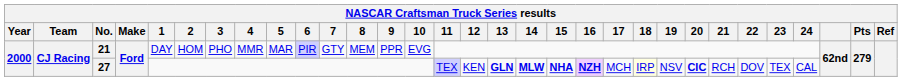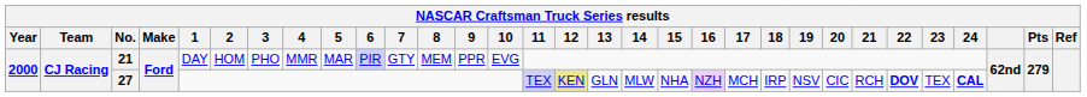 <table class="wikitable" style="text-align:center; font-size:75%">
 <tr>
 <th colspan=31><a href='#'>NASCAR Craftsman Truck Series</a> results</th>
 </tr>
 <tr>
 <th>Year</th>
 <th>Team</th>
 <th>No.</th>
 <th>Make</th>
 <th>1</th>
 <th>2</th>
 <th>3</th>
 <th>4</th>
 <th>5</th>
 <th>6</th>
 <th>7</th>
 <th>8</th>
 <th>9</th>
 <th>10</th>
 <th>11</th>
 <th>12</th>
 <th>13</th>
 <th>14</th>
 <th>15</th>
 <th>16</th>
 <th>17</th>
 <th>18</th>
 <th>19</th>
 <th>20</th>
 <th>21</th>
 <th>22</th>
 <th>23</th>
 <th>24</th>
 <th></th>
 <th>Pts</th>
 <th>Ref</th>
 </tr>
 <tr>
 <th rowspan=2><a href='#'>2000</a></th>
 <th rowspan=2><a href='#'>CJ Racing</a></th>
 <th>21</th>
 <th rowspan=2><a href='#'>Ford</a></th>
 <td><a href='#'>DAY</a></td>
 <td><a href='#'>HOM</a></td>
 <td><a href='#'>PHO</a></td>
 <td><a href='#'>MMR</a></td>
 <td><a href='#'>MAR</a></td>
 <td style="background:#CFCFFF;"><a href='#'>PIR</a><br></td>
 <td><a href='#'>GTY</a></td>
 <td><a href='#'>MEM</a></td>
 <td><a href='#'>PPR</a></td>
 <td><a href='#'>EVG</a></td>
 <td colspan=14></td>
 <th rowspan=2>62nd</th>
 <th rowspan=2>279</th>
 <th rowspan=2></th>
 </tr>
 <tr>
 <th>27</th>
 <td colspan=10></td>
 <td style="background:#CFCFFF;"><a href='#'>TEX</a><br></td>
-<td><a href='#'>KEN</a></td>
-<td><strong><a href='#'>GLN</a></strong></td>
-<td><strong><a href='#'>MLW</a></strong></td>
-<td><strong><a href='#'>NHA</a></strong></td>
-<td style="background:#EFCFFF;"><strong><a href='#'>NZH</a><br></strong></td>
+<td style="background: khaki;"><a href='#'>KEN</a></td>
+<td><a href='#'>GLN</a></td>
+<td><a href='#'>MLW</a></td>
+<td><a href='#'>NHA</a></td>
+<td style="background:#EFCFFF;"><a href='#'>NZH</a><br></td>
 <td><a href='#'>MCH</a></td>
-<td style="background: lightyellow;"><a href='#'>IRP</a></td>
+<td><a href='#'>IRP</a></td>
 <td><a href='#'>NSV</a></td>
-<td><strong><a href='#'>CIC</a></strong></td>
+<td><a href='#'>CIC</a></td>
 <td><a href='#'>RCH</a></td>
-<td><a href='#'>DOV</a></td>
+<td><strong><a href='#'>DOV</a></strong></td>
 <td><a href='#'>TEX</a></td>
-<td><a href='#'>CAL</a></td>
+<td><strong><a href='#'>CAL</a></strong></td>
 </tr>
 </table>
